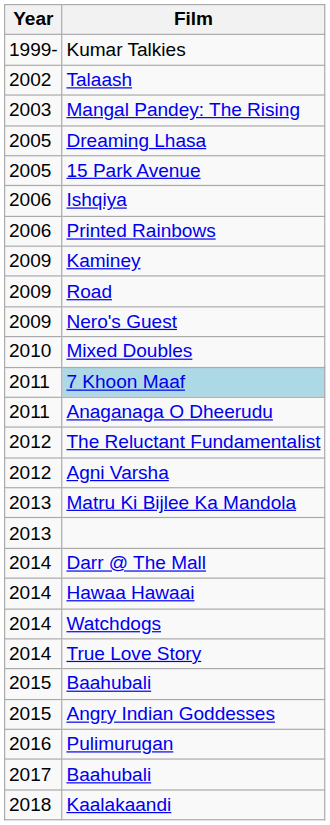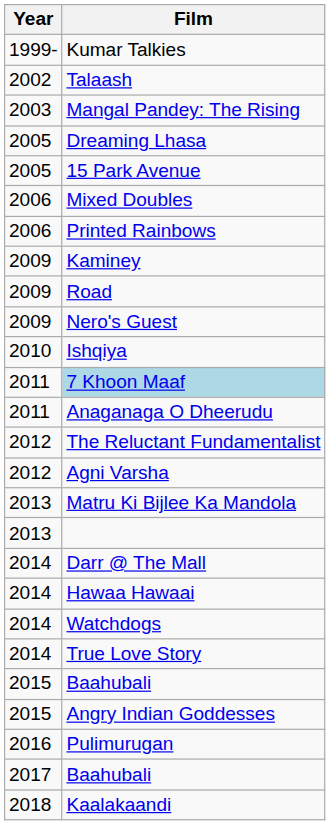 <table class="wikitable">
 <tr>
 <th>Year</th>
 <th>Film</th>
 </tr>
 <tr>
 <td>1999-</td>
 <td>Kumar Talkies</td>
 </tr>
 <tr>
 <td>2002</td>
 <td><a href='#'>Talaash</a></td>
 </tr>
 <tr>
 <td>2003</td>
 <td><a href='#'>Mangal Pandey: The Rising</a></td>
 </tr>
 <tr>
 <td>2005</td>
 <td><a href='#'>Dreaming Lhasa</a></td>
 </tr>
 <tr>
 <td>2005</td>
 <td><a href='#'>15 Park Avenue</a></td>
 </tr>
 <tr>
 <td>2006</td>
-<td><a href='#'>Ishqiya</a></td>
+<td><a href='#'>Mixed Doubles</a></td>
 </tr>
 <tr>
 <td>2006</td>
 <td><a href='#'>Printed Rainbows</a></td>
 </tr>
 <tr>
 <td>2009</td>
 <td><a href='#'>Kaminey</a></td>
 </tr>
 <tr>
 <td>2009</td>
 <td><a href='#'>Road</a></td>
 </tr>
 <tr>
 <td>2009</td>
 <td><a href='#'>Nero's Guest</a></td>
 </tr>
 <tr>
 <td>2010</td>
-<td><a href='#'>Mixed Doubles</a></td>
+<td><a href='#'>Ishqiya</a></td>
 </tr>
 <tr>
 <td>2011</td>
 <td style="background: lightblue;"><a href='#'>7 Khoon Maaf</a></td>
 </tr>
 <tr>
 <td>2011</td>
 <td><a href='#'>Anaganaga O Dheerudu</a></td>
 </tr>
 <tr>
 <td>2012</td>
 <td><a href='#'>The Reluctant Fundamentalist</a></td>
 </tr>
 <tr>
 <td>2012</td>
 <td><a href='#'>Agni Varsha</a></td>
 </tr>
 <tr>
 <td>2013</td>
 <td><a href='#'>Matru Ki Bijlee Ka Mandola</a></td>
 </tr>
 <tr>
 <td>2013</td>
 <td></td>
 </tr>
 <tr>
 <td>2014</td>
 <td><a href='#'>Darr @ The Mall</a></td>
 </tr>
 <tr>
 <td>2014</td>
 <td><a href='#'>Hawaa Hawaai</a></td>
 </tr>
 <tr>
 <td>2014</td>
 <td><a href='#'>Watchdogs</a></td>
 </tr>
 <tr>
 <td>2014</td>
 <td><a href='#'>True Love Story</a></td>
 </tr>
 <tr>
 <td>2015</td>
 <td><a href='#'>Baahubali</a></td>
 </tr>
 <tr>
 <td>2015</td>
 <td><a href='#'>Angry Indian Goddesses</a></td>
 </tr>
 <tr>
 <td>2016</td>
 <td><a href='#'>Pulimurugan</a></td>
 </tr>
 <tr>
 <td>2017</td>
 <td><a href='#'>Baahubali</a></td>
 </tr>
 <tr>
 <td>2018</td>
 <td><a href='#'>Kaalakaandi</a></td>
 </tr>
 </table>
